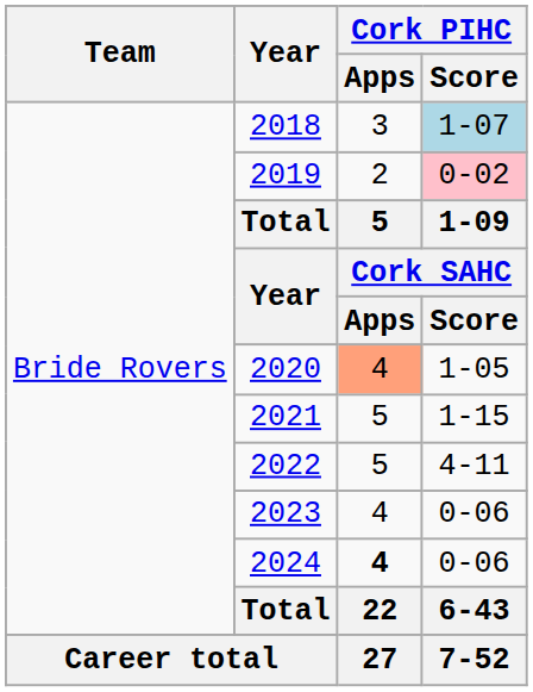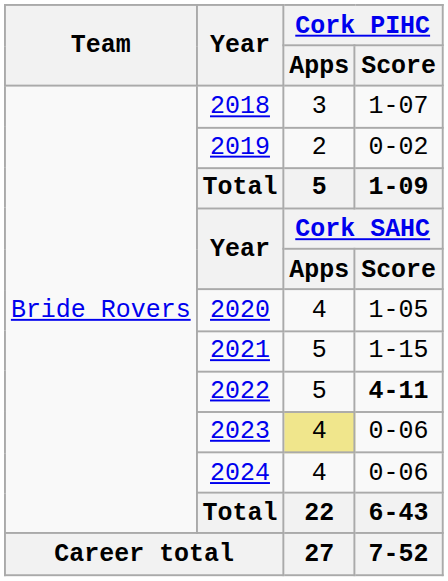 <table class="wikitable" style="text-align:center">
 <tr>
 <th rowspan="2">Team</th>
 <th rowspan="2">Year</th>
 <th colspan="2"><a href='#'>Cork PIHC</a></th>
 </tr>
 <tr>
 <th>Apps</th>
 <th>Score</th>
 </tr>
 <tr>
 <td rowspan="11"><a href='#'>Bride Rovers</a></td>
 <td><a href='#'>2018</a></td>
 <td>3</td>
-<td style="background: lightblue;">1-07</td>
+<td>1-07</td>
 </tr>
 <tr>
 <td><a href='#'>2019</a></td>
 <td>2</td>
-<td style="background: pink;">0-02</td>
+<td>0-02</td>
 </tr>
 <tr>
 <th>Total</th>
 <th>5</th>
 <th>1-09</th>
 </tr>
 <tr>
 <th rowspan=2>Year</th>
 <th colspan=2><a href='#'>Cork SAHC</a></th>
 </tr>
 <tr>
 <th>Apps</th>
 <th>Score</th>
 </tr>
 <tr>
 <td><a href='#'>2020</a></td>
-<td style="background: lightsalmon;">4</td>
+<td>4</td>
 <td>1-05</td>
 </tr>
 <tr>
 <td><a href='#'>2021</a></td>
 <td>5</td>
 <td>1-15</td>
 </tr>
 <tr>
 <td><a href='#'>2022</a></td>
 <td>5</td>
-<td>4-11</td>
+<td><strong>4-11</strong></td>
 </tr>
 <tr>
 <td><a href='#'>2023</a></td>
-<td>4</td>
+<td style="background: khaki;">4</td>
 <td>0-06</td>
 </tr>
 <tr>
 <td><a href='#'>2024</a></td>
-<td><strong>4</strong></td>
+<td>4</td>
 <td>0-06</td>
 </tr>
 <tr>
 <th>Total</th>
 <th>22</th>
 <th>6-43</th>
 </tr>
 <tr>
 <th colspan="2">Career total</th>
 <th>27</th>
 <th>7-52</th>
 </tr>
 </table>
